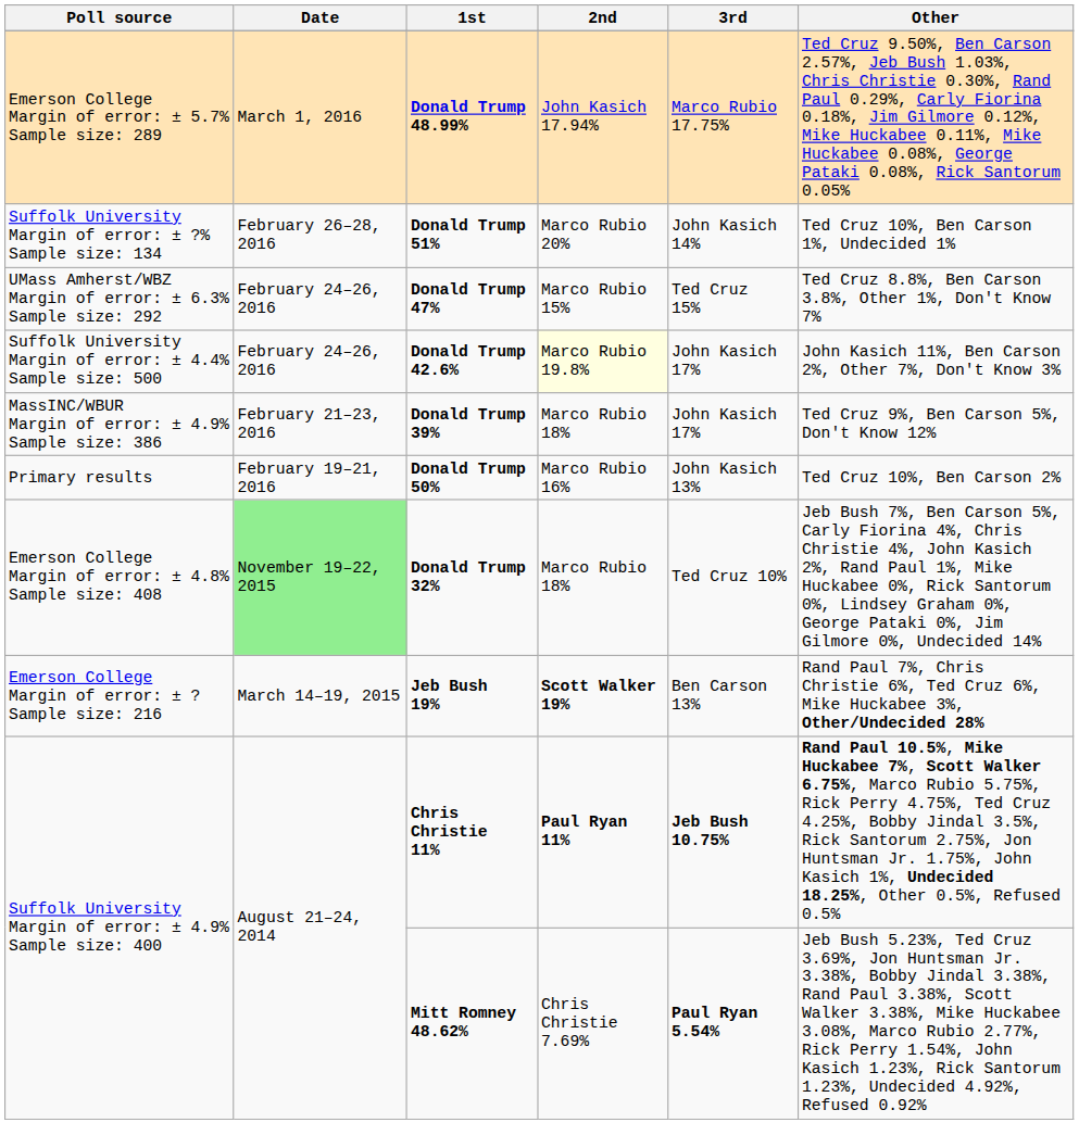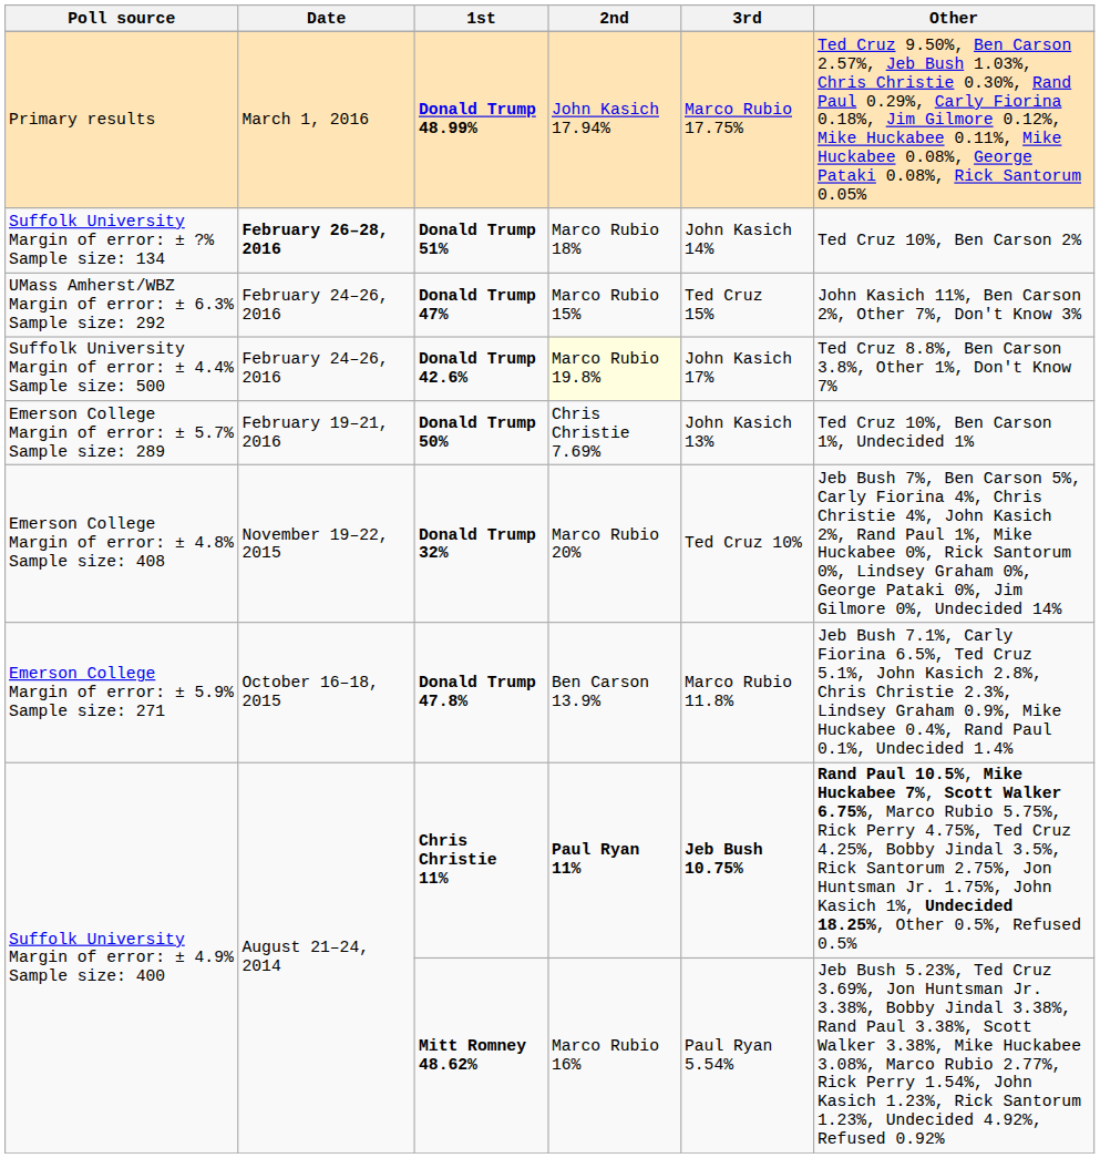 <table class="wikitable">
 <tr>
 <th style="width:180px;">Poll source</th>
 <th style="width:135px;">Date</th>
 <th style="width:100px;">1st</th>
 <th style="width:100px;">2nd</th>
 <th style="width:100px;">3rd</th>
 <th>Other</th>
 </tr>
 <tr>
 </tr>
 <tr style="background:Moccasin;">
-<td>Emerson College<br>Margin of error: ± 5.7% Sample size: 289</td>
+<td>Primary results</td>
 <td>March 1, 2016</td>
 <td><strong><a href='#'>Donald Trump</a><br>48.99%</strong></td>
 <td><a href='#'>John Kasich</a><br>17.94%</td>
 <td><a href='#'>Marco Rubio</a><br>17.75%</td>
 <td><a href='#'>Ted Cruz</a> 9.50%, <a href='#'>Ben Carson</a> 2.57%, <a href='#'>Jeb Bush</a> 1.03%, <a href='#'>Chris Christie</a> 0.30%, <a href='#'>Rand Paul</a> 0.29%, <a href='#'>Carly Fiorina</a> 0.18%, <a href='#'>Jim Gilmore</a> 0.12%, <a href='#'>Mike Huckabee</a> 0.11%, <a href='#'>Mike Huckabee</a> 0.08%, <a href='#'>George Pataki</a> 0.08%, <a href='#'>Rick Santorum</a> 0.05%</td>
 </tr>
 <tr>
 <td><a href='#'>Suffolk University</a><br>Margin of error: ± ?% <br>Sample size: 134</td>
-<td>February 26–28, 2016</td>
+<td><strong>February 26–28, 2016</strong></td>
 <td><strong>Donald Trump<br>51%</strong></td>
-<td>Marco Rubio<br>20%</td>
+<td>Marco Rubio<br>18%</td>
 <td>John Kasich<br>14%</td>
-<td>Ted Cruz 10%, Ben Carson 1%, Undecided 1%</td>
+<td>Ted Cruz 10%, Ben Carson 2%</td>
 </tr>
 <tr>
 <td>UMass Amherst/WBZ<br>Margin of error: ± 6.3% Sample size: 292</td>
 <td>February 24–26, 2016</td>
 <td><strong>Donald Trump<br>47%</strong></td>
 <td>Marco Rubio<br>15%</td>
 <td>Ted Cruz<br>15%</td>
-<td>Ted Cruz 8.8%, Ben Carson 3.8%, Other 1%, Don't Know 7%</td>
+<td>John Kasich 11%, Ben Carson 2%, Other 7%, Don't Know 3%</td>
 </tr>
 <tr>
 <td>Suffolk University<br>Margin of error: ± 4.4% Sample size: 500</td>
 <td>February 24–26, 2016</td>
 <td><strong>Donald Trump<br>42.6%</strong></td>
 <td style="background: lightyellow;">Marco Rubio<br>19.8%</td>
 <td>John Kasich<br>17%</td>
-<td>John Kasich 11%, Ben Carson 2%, Other 7%, Don't Know 3%</td>
+<td>Ted Cruz 8.8%, Ben Carson 3.8%, Other 1%, Don't Know 7%</td>
 </tr>
 <tr>
-<td>MassINC/WBUR<br>Margin of error: ± 4.9% Sample size: 386</td>
-<td>February 21–23, 2016</td>
-<td><strong>Donald Trump<br>39%</strong></td>
-<td>Marco Rubio<br>18%</td>
-<td>John Kasich<br>17%</td>
-<td>Ted Cruz 9%, Ben Carson 5%, Don't Know 12%</td>
-</tr>
-<tr>
-<td>Primary results</td>
+<td>Emerson College<br>Margin of error: ± 5.7% Sample size: 289</td>
 <td>February 19–21, 2016</td>
 <td><strong>Donald Trump<br>50%</strong></td>
-<td>Marco Rubio<br>16%</td>
+<td>Chris Christie<br>7.69%</td>
 <td>John Kasich<br>13%</td>
-<td>Ted Cruz 10%, Ben Carson 2%</td>
+<td>Ted Cruz 10%, Ben Carson 1%, Undecided 1%</td>
 </tr>
 <tr>
 <td>Emerson College<br>Margin of error: ± 4.8% Sample size: 408</td>
-<td style="background: lightgreen;">November 19–22, 2015</td>
+<td>November 19–22, 2015</td>
 <td><strong>Donald Trump<br>32%</strong></td>
-<td>Marco Rubio<br>18%</td>
+<td>Marco Rubio<br>20%</td>
 <td>Ted Cruz 10%</td>
 <td>Jeb Bush 7%, Ben Carson 5%, Carly Fiorina 4%, Chris Christie 4%, John Kasich 2%, Rand Paul 1%, Mike Huckabee 0%, Rick Santorum 0%, Lindsey Graham 0%, George Pataki 0%, Jim Gilmore 0%, Undecided 14%</td>
 </tr>
 <tr>
-<td><a href='#'>Emerson College</a><br>Margin of error: ± ? <br>Sample size: 216</td>
-<td>March 14–19, 2015</td>
-<td><strong>Jeb Bush<br>19%</strong></td>
-<td><strong>Scott Walker<br>19%</strong></td>
-<td>Ben Carson<br>13%</td>
-<td>Rand Paul 7%, Chris Christie 6%, Ted Cruz 6%, Mike Huckabee 3%, <span><strong>Other/Undecided 28%</strong></span></td>
+<td><a href='#'>Emerson College</a><br>Margin of error: ± 5.9% <br>Sample size: 271</td>
+<td>October 16–18, 2015</td>
+<td><strong>Donald Trump<br>47.8%</strong></td>
+<td>Ben Carson<br>13.9%</td>
+<td>Marco Rubio<br>11.8%</td>
+<td>Jeb Bush 7.1%, Carly Fiorina 6.5%, Ted Cruz 5.1%, John Kasich 2.8%, Chris Christie 2.3%, Lindsey Graham 0.9%, Mike Huckabee 0.4%, Rand Paul 0.1%, Undecided 1.4%</td>
 </tr>
 <tr>
 <td rowspan=2><a href='#'>Suffolk University</a><br>Margin of error: ± 4.9% <br>Sample size: 400</td>
 <td rowspan=2>August 21–24, 2014</td>
 <td><strong>Chris Christie<br>11%</strong></td>
 <td><strong>Paul Ryan<br>11%</strong></td>
 <td><strong>Jeb Bush<br>10.75%</strong></td>
 <td><span><strong>Rand Paul 10.5%</strong></span>, <span><strong>Mike Huckabee 7%</strong></span>, <span><strong>Scott Walker 6.75%</strong></span>, Marco Rubio 5.75%, Rick Perry 4.75%, Ted Cruz 4.25%, Bobby Jindal 3.5%, Rick Santorum 2.75%, Jon Huntsman Jr. 1.75%, John Kasich 1%, <span><strong>Undecided 18.25%</strong></span>, Other 0.5%, Refused 0.5%</td>
 </tr>
 <tr>
 <td><strong>Mitt Romney<br>48.62%</strong></td>
-<td>Chris Christie<br>7.69%</td>
-<td><strong>Paul Ryan<br>5.54%</strong></td>
+<td>Marco Rubio<br>16%</td>
+<td>Paul Ryan<br>5.54%</td>
 <td>Jeb Bush 5.23%, Ted Cruz 3.69%, Jon Huntsman Jr. 3.38%, Bobby Jindal 3.38%, Rand Paul 3.38%, Scott Walker 3.38%, Mike Huckabee 3.08%, Marco Rubio 2.77%, Rick Perry 1.54%, John Kasich 1.23%, Rick Santorum 1.23%, Undecided 4.92%, Refused 0.92%</td>
 </tr>
 </table>
